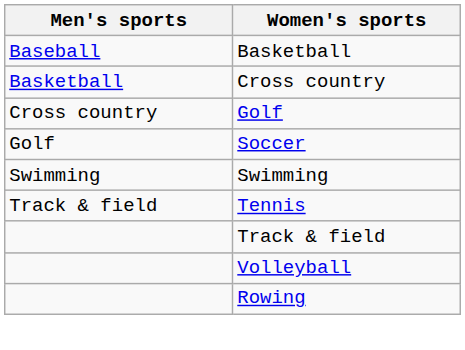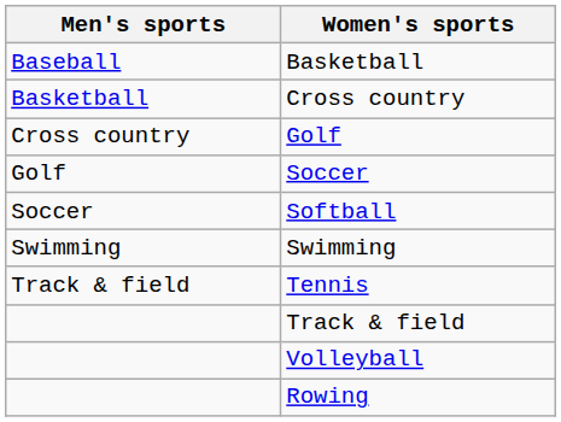 <table class="wikitable"; style= "text-align: ">
 <tr>
 <th width=150px>Men's sports</th>
 <th width=150px>Women's sports</th>
 </tr>
 <tr>
 <td><a href='#'>Baseball</a></td>
 <td>Basketball</td>
 </tr>
 <tr>
 <td><a href='#'>Basketball</a></td>
 <td>Cross country</td>
 </tr>
 <tr>
 <td>Cross country</td>
 <td><a href='#'>Golf</a></td>
 </tr>
 <tr>
 <td>Golf</td>
 <td><a href='#'>Soccer</a></td>
 </tr>
 <tr>
+<td>Soccer</td>
+<td><a href='#'>Softball</a></td>
+</tr>
+<tr>
 <td>Swimming</td>
 <td>Swimming</td>
 </tr>
 <tr>
 <td>Track & field</td>
 <td><a href='#'>Tennis</a></td>
 </tr>
 <tr>
 <td></td>
 <td>Track & field</td>
 </tr>
 <tr>
 <td></td>
 <td><a href='#'>Volleyball</a></td>
 </tr>
 <tr>
 <td></td>
 <td><a href='#'>Rowing</a></td>
 </tr>
 </table>
